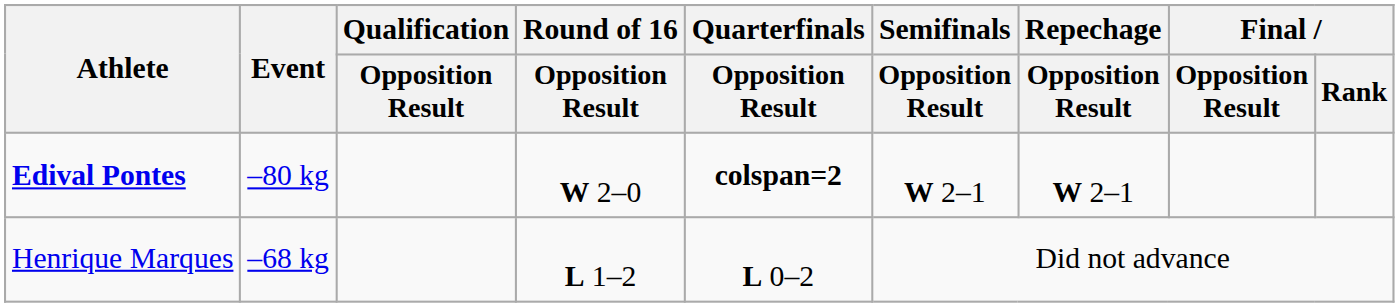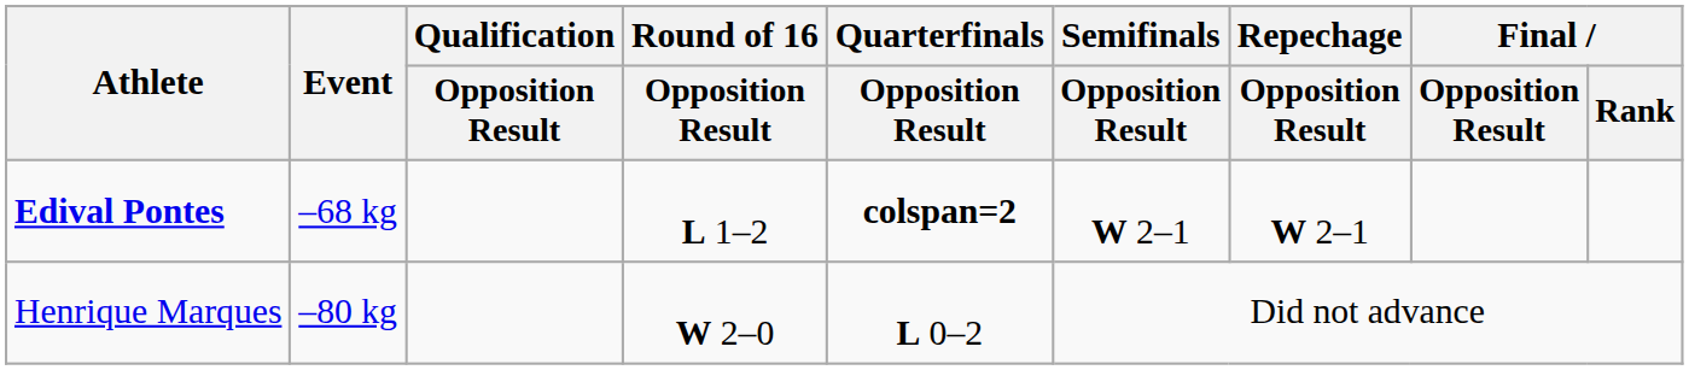 <table class=wikitable style=font-size:90%;text-align:center>
 <tr>
 <th rowspan=2>Athlete</th>
 <th rowspan=2>Event</th>
 <th>Qualification</th>
 <th>Round of 16</th>
 <th>Quarterfinals</th>
 <th>Semifinals</th>
 <th>Repechage</th>
 <th colspan=2>Final / </th>
 </tr>
 <tr style=font-size:95%>
 <th>Opposition<br>Result</th>
 <th>Opposition<br>Result</th>
 <th>Opposition<br>Result</th>
 <th>Opposition<br>Result</th>
 <th>Opposition<br>Result</th>
 <th>Opposition<br>Result</th>
 <th>Rank</th>
 </tr>
 <tr>
 <td align=left><strong><a href='#'>Edival Pontes</a></strong></td>
-<td align=left><a href='#'>–80 kg</a></td>
+<td align=left><a href='#'>–68 kg</a></td>
 <td></td>
-<td><br><strong>W</strong> 2–0</td>
+<td><br><strong>L</strong> 1–2</td>
 <td><strong>colspan=2 </strong></td>
 <td><br><strong>W</strong> 2–1</td>
 <td><br><strong>W</strong> 2–1</td>
 <td></td>
 </tr>
 <tr>
 <td align=left><a href='#'>Henrique Marques</a></td>
-<td align=left><a href='#'>–68 kg</a></td>
+<td align=left><a href='#'>–80 kg</a></td>
 <td></td>
-<td><br><strong>L</strong> 1–2</td>
+<td><br><strong>W</strong> 2–0</td>
 <td><br><strong>L</strong> 0–2</td>
 <td colspan=4>Did not advance</td>
 </tr>
 </table>
